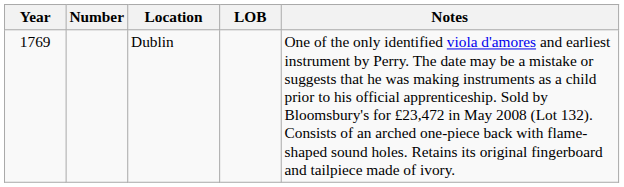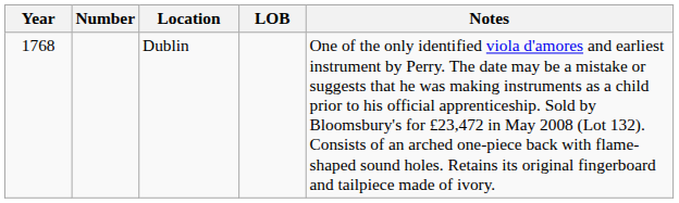 <table class="sortable wikitable" style="margins:auto; width=95%; font-size: 95%;">
 <tr>
 <th width="10%">Year</th>
 <th width="10%">Number</th>
 <th width="15%">Location</th>
 <th width="10%">LOB</th>
 <th width="55%">Notes</th>
 </tr>
 <tr valign="top">
-<td align=center>1769</td>
+<td align=center>1768</td>
 <td align=center></td>
 <td>Dublin</td>
 <td></td>
 <td>One of the only identified <a href='#'>viola d'amores</a> and earliest instrument by Perry. The date may be a mistake or suggests that he was making instruments as a child prior to his official apprenticeship. Sold by Bloomsbury's for £23,472 in May 2008 (Lot 132). Consists of an arched one-piece back with flame-shaped sound holes. Retains its original fingerboard and tailpiece made of ivory.</td>
 </tr>
 </table>
